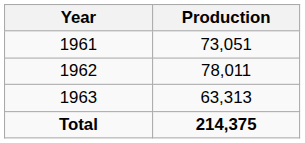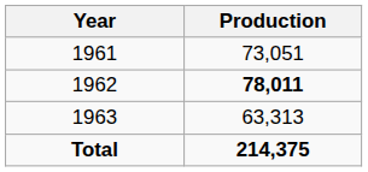 <table class="wikitable">
 <tr style="text-align:center;">
 <th style="width:100pt; "><strong>Year</strong></th>
 <th style="width:100pt; text-align:center;"><strong>Production</strong></th>
 </tr>
 <tr style="text-align:center;">
 <td>1961</td>
 <td style="text-align:center;">73,051</td>
 </tr>
 <tr style="text-align:center;">
 <td>1962</td>
-<td style="text-align:center;">78,011</td>
+<td style="text-align:center;"><strong>78,011</strong></td>
 </tr>
 <tr style="text-align:center;">
 <td>1963</td>
 <td style="text-align:center;">63,313</td>
 </tr>
 <tr style="text-align:center;">
 <td><strong>Total</strong></td>
 <td style="text-align:center;"><strong>214,375</strong></td>
 </tr>
 </table>
